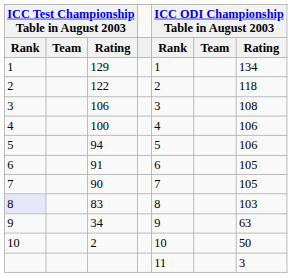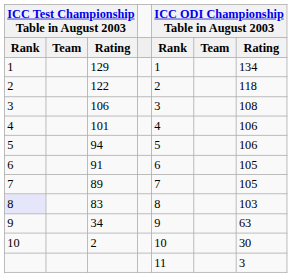 <table class="wikitable" style="margin:0.5emauto">
 <tr style begin="background:#efefef;">
 <th colspan="3"><a href='#'>ICC Test Championship</a><br>Table in August 2003</th>
 <td style="width:5%;"></td>
 <th colspan="3"><a href='#'>ICC ODI Championship</a><br>Table in August 2003</th>
 </tr>
 <tr style="background:#efefef;">
 <th>Rank</th>
 <th>Team</th>
 <th>Rating</th>
 <td></td>
 <th>Rank</th>
 <th>Team</th>
 <th>Rating</th>
 </tr>
 <tr>
 <td>1</td>
 <td></td>
 <td>129</td>
 <td></td>
 <td>1</td>
 <td></td>
 <td>134</td>
 </tr>
 <tr>
 <td>2</td>
 <td></td>
 <td>122</td>
 <td></td>
 <td>2</td>
 <td></td>
 <td>118</td>
 </tr>
 <tr>
 <td>3</td>
 <td></td>
 <td>106</td>
 <td></td>
 <td>3</td>
 <td></td>
 <td>108</td>
 </tr>
 <tr>
 <td>4</td>
 <td></td>
-<td>100</td>
+<td>101</td>
 <td></td>
 <td>4</td>
 <td></td>
 <td>106</td>
 </tr>
 <tr>
 <td>5</td>
 <td></td>
 <td>94</td>
 <td></td>
 <td>5</td>
 <td></td>
 <td>106</td>
 </tr>
 <tr>
 <td>6</td>
 <td></td>
 <td>91</td>
 <td></td>
 <td>6</td>
 <td></td>
 <td>105</td>
 </tr>
 <tr>
 <td>7</td>
 <td></td>
-<td>90</td>
+<td>89</td>
 <td></td>
 <td>7</td>
 <td></td>
 <td>105</td>
 </tr>
 <tr>
 <td style="background: lavender;">8</td>
 <td></td>
 <td>83</td>
 <td></td>
 <td>8</td>
 <td></td>
 <td>103</td>
 </tr>
 <tr>
 <td>9</td>
 <td></td>
 <td>34</td>
 <td></td>
 <td>9</td>
 <td></td>
 <td>63</td>
 </tr>
 <tr>
 <td>10</td>
 <td></td>
 <td>2</td>
 <td></td>
 <td>10</td>
 <td></td>
-<td>50</td>
+<td>30</td>
 </tr>
 <tr>
 <td></td>
 <td></td>
 <td></td>
 <td></td>
 <td>11</td>
 <td></td>
 <td>3</td>
 </tr>
 </table>
